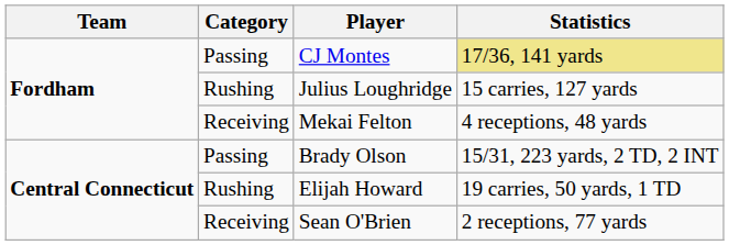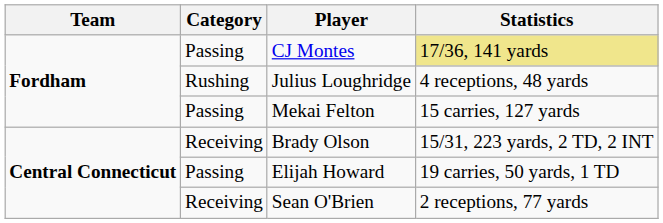 <table class="wikitable" style="float: right;">
 <tr>
 <th>Team</th>
 <th>Category</th>
 <th>Player</th>
 <th>Statistics</th>
 </tr>
 <tr>
 <td rowspan="3"><strong>Fordham</strong></td>
 <td>Passing</td>
 <td><a href='#'>CJ Montes</a></td>
 <td style="background: khaki;">17/36, 141 yards</td>
 </tr>
 <tr>
 <td>Rushing</td>
 <td>Julius Loughridge</td>
+<td>4 receptions, 48 yards</td>
+</tr>
+<tr>
+<td>Passing</td>
+<td>Mekai Felton</td>
 <td>15 carries, 127 yards</td>
 </tr>
 <tr>
+<td rowspan="3"><strong>Central Connecticut</strong></td>
 <td>Receiving</td>
-<td>Mekai Felton</td>
-<td>4 receptions, 48 yards</td>
-</tr>
-<tr>
-<td rowspan="3"><strong>Central Connecticut</strong></td>
-<td>Passing</td>
 <td>Brady Olson</td>
 <td>15/31, 223 yards, 2 TD, 2 INT</td>
 </tr>
 <tr>
-<td>Rushing</td>
+<td>Passing</td>
 <td>Elijah Howard</td>
 <td>19 carries, 50 yards, 1 TD</td>
 </tr>
 <tr>
 <td>Receiving</td>
 <td>Sean O'Brien</td>
 <td>2 receptions, 77 yards</td>
 </tr>
 </table>
